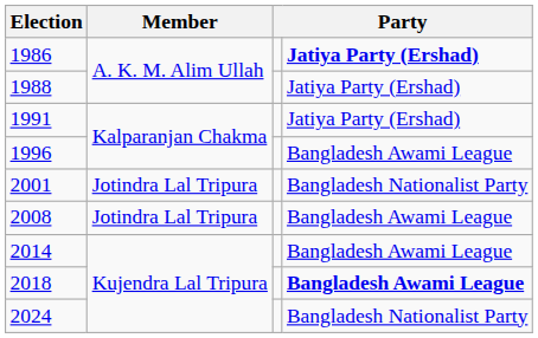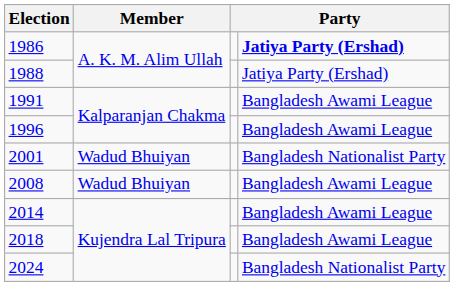 <table class="wikitable">
 <tr>
 <th>Election</th>
 <th>Member</th>
 <th colspan="2">Party</th>
 </tr>
 <tr>
 <td><a href='#'>1986</a></td>
 <td rowspan="2"><a href='#'>A. K. M. Alim Ullah</a></td>
 <td style="background-color: "></td>
 <td><strong><a href='#'>Jatiya Party (Ershad)</a></strong></td>
 </tr>
 <tr>
 <td><a href='#'>1988</a></td>
 <td style="background-color: "></td>
 <td><a href='#'>Jatiya Party (Ershad)</a></td>
 </tr>
 <tr>
 <td><a href='#'>1991</a></td>
 <td rowspan="2"><a href='#'>Kalparanjan Chakma</a></td>
 <td style="background-color: "></td>
-<td><a href='#'>Jatiya Party (Ershad)</a></td>
+<td><a href='#'>Bangladesh Awami League</a></td>
 </tr>
 <tr>
 <td><a href='#'>1996</a></td>
 <td style="background-color: "></td>
 <td><a href='#'>Bangladesh Awami League</a></td>
 </tr>
 <tr>
 <td><a href='#'>2001</a></td>
-<td><a href='#'>Jotindra Lal Tripura</a></td>
+<td><a href='#'>Wadud Bhuiyan</a></td>
 <td style="background-color:"></td>
 <td><a href='#'>Bangladesh Nationalist Party</a></td>
 </tr>
 <tr>
 <td><a href='#'>2008</a></td>
-<td><a href='#'>Jotindra Lal Tripura</a></td>
+<td><a href='#'>Wadud Bhuiyan</a></td>
 <td style="background-color: "></td>
 <td><a href='#'>Bangladesh Awami League</a></td>
 </tr>
 <tr>
 <td><a href='#'>2014</a></td>
 <td rowspan="3"><a href='#'>Kujendra Lal Tripura</a></td>
 <td style="background-color: "></td>
 <td><a href='#'>Bangladesh Awami League</a></td>
 </tr>
 <tr>
 <td><a href='#'>2018</a></td>
 <td style="background-color: "></td>
-<td><strong><a href='#'>Bangladesh Awami League</a></strong></td>
+<td><a href='#'>Bangladesh Awami League</a></td>
 </tr>
 <tr>
 <td><a href='#'>2024</a></td>
 <td style="background-color: "></td>
 <td><a href='#'>Bangladesh Nationalist Party</a></td>
 </tr>
 </table>
